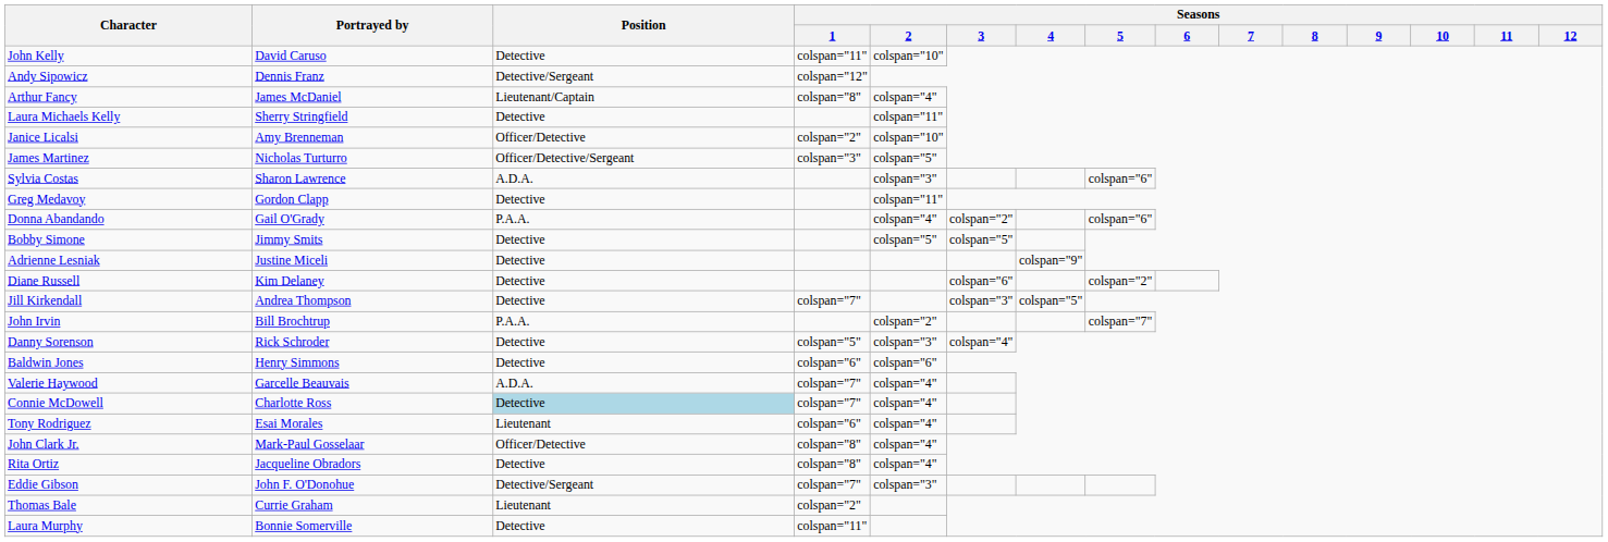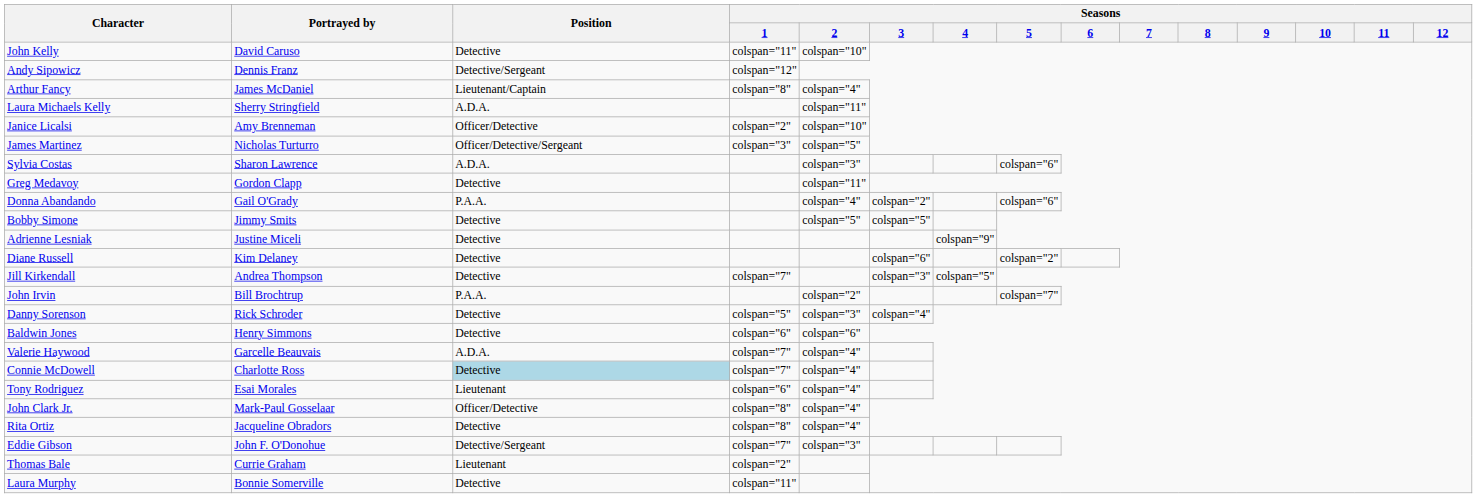 <table class="wikitable" style="width:100%">
 <tr>
 <th rowspan="2">Character</th>
 <th rowspan="2">Portrayed by</th>
 <th rowspan="2">Position</th>
 <th colspan="12">Seasons</th>
 </tr>
 <tr>
 <th style="width:4%;"><a href='#'>1</a></th>
 <th style="width:4%;"><a href='#'>2</a></th>
 <th style="width:4%;"><a href='#'>3</a></th>
 <th style="width:4%;"><a href='#'>4</a></th>
 <th style="width:4%;"><a href='#'>5</a></th>
 <th style="width:4%;"><a href='#'>6</a></th>
 <th style="width:4%;"><a href='#'>7</a></th>
 <th style="width:4%;"><a href='#'>8</a></th>
 <th style="width:4%;"><a href='#'>9</a></th>
 <th style="width:4%;"><a href='#'>10</a></th>
 <th style="width:4%;"><a href='#'>11</a></th>
 <th style="width:4%;"><a href='#'>12</a></th>
 </tr>
 <tr>
 <td><a href='#'>John Kelly</a></td>
 <td><a href='#'>David Caruso</a></td>
 <td>Detective</td>
 <td>colspan="11" </td>
 <td>colspan="10" </td>
 </tr>
 <tr>
 <td><a href='#'>Andy Sipowicz</a></td>
 <td><a href='#'>Dennis Franz</a></td>
 <td>Detective/Sergeant</td>
 <td>colspan="12" </td>
 </tr>
 <tr>
 <td><a href='#'>Arthur Fancy</a></td>
 <td><a href='#'>James McDaniel</a></td>
 <td>Lieutenant/Captain</td>
 <td>colspan="8" </td>
 <td>colspan="4" </td>
 </tr>
 <tr>
 <td><a href='#'>Laura Michaels Kelly</a></td>
 <td><a href='#'>Sherry Stringfield</a></td>
-<td>Detective</td>
+<td>A.D.A.</td>
 <td></td>
 <td>colspan="11" </td>
 </tr>
 <tr>
 <td><a href='#'>Janice Licalsi</a></td>
 <td><a href='#'>Amy Brenneman</a></td>
 <td>Officer/Detective</td>
 <td>colspan="2" </td>
 <td>colspan="10" </td>
 </tr>
 <tr>
 <td><a href='#'>James Martinez</a></td>
 <td><a href='#'>Nicholas Turturro</a></td>
 <td>Officer/Detective/Sergeant</td>
 <td>colspan="3" </td>
 <td>colspan="5" </td>
 </tr>
 <tr>
 <td><a href='#'>Sylvia Costas</a></td>
 <td><a href='#'>Sharon Lawrence</a></td>
 <td>A.D.A.</td>
 <td></td>
 <td>colspan="3" </td>
 <td></td>
 <td></td>
 <td>colspan="6" </td>
 </tr>
 <tr>
 <td><a href='#'>Greg Medavoy</a></td>
 <td><a href='#'>Gordon Clapp</a></td>
 <td>Detective</td>
 <td></td>
 <td>colspan="11" </td>
 </tr>
 <tr>
 <td><a href='#'>Donna Abandando</a></td>
 <td><a href='#'>Gail O'Grady</a></td>
 <td>P.A.A.</td>
 <td></td>
 <td>colspan="4" </td>
 <td>colspan="2" </td>
 <td></td>
 <td>colspan="6" </td>
 </tr>
 <tr>
 <td><a href='#'>Bobby Simone</a></td>
 <td><a href='#'>Jimmy Smits</a></td>
 <td>Detective</td>
 <td></td>
 <td>colspan="5" </td>
 <td>colspan="5" </td>
 <td></td>
 </tr>
 <tr>
 <td><a href='#'>Adrienne Lesniak</a></td>
 <td><a href='#'>Justine Miceli</a></td>
 <td>Detective</td>
 <td></td>
 <td></td>
 <td></td>
 <td>colspan="9" </td>
 </tr>
 <tr>
 <td><a href='#'>Diane Russell</a></td>
 <td><a href='#'>Kim Delaney</a></td>
 <td>Detective</td>
 <td></td>
 <td></td>
 <td>colspan="6" </td>
 <td></td>
 <td>colspan="2" </td>
 <td></td>
 </tr>
 <tr>
 <td><a href='#'>Jill Kirkendall</a></td>
 <td><a href='#'>Andrea Thompson</a></td>
 <td>Detective</td>
 <td>colspan="7" </td>
 <td></td>
 <td>colspan="3" </td>
 <td>colspan="5" </td>
 </tr>
 <tr>
 <td><a href='#'>John Irvin</a></td>
 <td><a href='#'>Bill Brochtrup</a></td>
 <td>P.A.A.</td>
 <td></td>
 <td>colspan="2" </td>
 <td></td>
 <td></td>
 <td>colspan="7" </td>
 </tr>
 <tr>
 <td><a href='#'>Danny Sorenson</a></td>
 <td><a href='#'>Rick Schroder</a></td>
 <td>Detective</td>
 <td>colspan="5" </td>
 <td>colspan="3" </td>
 <td>colspan="4" </td>
 </tr>
 <tr>
 <td><a href='#'>Baldwin Jones</a></td>
 <td><a href='#'>Henry Simmons</a></td>
 <td>Detective</td>
 <td>colspan="6" </td>
 <td>colspan="6" </td>
 </tr>
 <tr>
 <td><a href='#'>Valerie Haywood</a></td>
 <td><a href='#'>Garcelle Beauvais</a></td>
 <td>A.D.A.</td>
 <td>colspan="7" </td>
 <td>colspan="4" </td>
 <td></td>
 </tr>
 <tr>
 <td><a href='#'>Connie McDowell</a></td>
 <td><a href='#'>Charlotte Ross</a></td>
 <td style="background: lightblue;">Detective</td>
 <td>colspan="7" </td>
 <td>colspan="4" </td>
 <td></td>
 </tr>
 <tr>
 <td><a href='#'>Tony Rodriguez</a></td>
 <td><a href='#'>Esai Morales</a></td>
 <td>Lieutenant</td>
 <td>colspan="6" </td>
 <td>colspan="4" </td>
 <td></td>
 </tr>
 <tr>
 <td><a href='#'>John Clark Jr.</a></td>
 <td><a href='#'>Mark-Paul Gosselaar</a></td>
 <td>Officer/Detective</td>
 <td>colspan="8" </td>
 <td>colspan="4" </td>
 </tr>
 <tr>
 <td><a href='#'>Rita Ortiz</a></td>
 <td><a href='#'>Jacqueline Obradors</a></td>
 <td>Detective</td>
 <td>colspan="8" </td>
 <td>colspan="4" </td>
 </tr>
 <tr>
 <td><a href='#'>Eddie Gibson</a></td>
 <td><a href='#'>John F. O'Donohue</a></td>
 <td>Detective/Sergeant</td>
 <td>colspan="7" </td>
 <td>colspan="3" </td>
 <td></td>
 <td></td>
 <td></td>
 </tr>
 <tr>
 <td><a href='#'>Thomas Bale</a></td>
 <td><a href='#'>Currie Graham</a></td>
 <td>Lieutenant</td>
 <td>colspan="2" </td>
 <td></td>
 </tr>
 <tr>
 <td><a href='#'>Laura Murphy</a></td>
 <td><a href='#'>Bonnie Somerville</a></td>
 <td>Detective</td>
 <td>colspan="11" </td>
 <td></td>
 </tr>
 </table>
